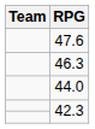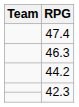 <table class=wikitable>
 <tr>
 <th>Team</th>
 <th>RPG</th>
 </tr>
 <tr>
 <td></td>
-<td align=center>47.6</td>
+<td align=center>47.4</td>
 </tr>
 <tr>
 <td></td>
 <td align=center>46.3</td>
 </tr>
 <tr>
 <td></td>
-<td align=center>44.0</td>
+<td align=center>44.2</td>
 </tr>
 <tr>
 <td></td>
 <td align=center rowspan=2>42.3</td>
 </tr>
 <tr>
 <td></td>
 </tr>
 </table>
